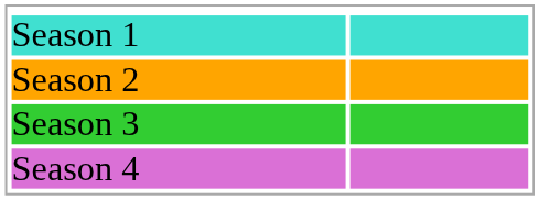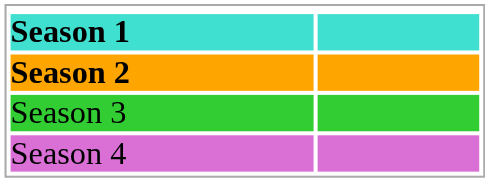 <table cellpadding="0" style="border: 1px solid darkgray;" align="right">
 <tr>
 </tr>
 <tr style="background: turquoise">
-<td width="150">Season 1</td>
+<td width="150"><strong>Season 1</strong></td>
 <td width="80"></td>
 </tr>
 <tr style="background: orange">
-<td>Season 2</td>
+<td><strong>Season 2</strong></td>
 <td></td>
 </tr>
 <tr style="background: limegreen">
 <td>Season 3</td>
 <td></td>
 </tr>
 <tr style="background: orchid">
 <td>Season 4</td>
 <td></td>
 </tr>
 </table>
